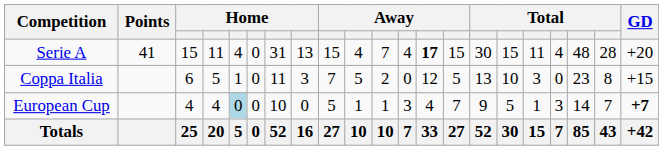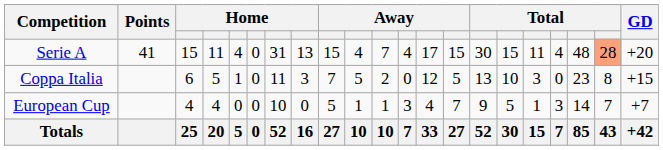 <table class="wikitable" style="width:100%;margin:auto;clear:both;text-align:center;">
 <tr>
 <th rowspan="2">Competition</th>
 <th rowspan="2">Points</th>
 <th colspan="6">Home</th>
 <th colspan="6">Away</th>
 <th colspan="6">Total</th>
 <th rowspan="2"><a href='#'>GD</a></th>
 </tr>
 <tr>
 <th></th>
 <th></th>
 <th></th>
 <th></th>
 <th></th>
 <th></th>
 <th></th>
 <th></th>
 <th></th>
 <th></th>
 <th></th>
 <th></th>
 <th></th>
 <th></th>
 <th></th>
 <th></th>
 <th></th>
 <th></th>
 </tr>
 <tr>
 <td><a href='#'>Serie A</a></td>
 <td>41</td>
 <td>15</td>
 <td>11</td>
 <td>4</td>
 <td>0</td>
 <td>31</td>
 <td>13</td>
 <td>15</td>
 <td>4</td>
 <td>7</td>
 <td>4</td>
-<td><strong>17</strong></td>
+<td>17</td>
 <td>15</td>
 <td>30</td>
 <td>15</td>
 <td>11</td>
 <td>4</td>
 <td>48</td>
-<td>28</td>
+<td style="background: lightsalmon;">28</td>
 <td>+20</td>
 </tr>
 <tr>
 <td><a href='#'>Coppa Italia</a></td>
 <td></td>
 <td>6</td>
 <td>5</td>
 <td>1</td>
 <td>0</td>
 <td>11</td>
 <td>3</td>
 <td>7</td>
 <td>5</td>
 <td>2</td>
 <td>0</td>
 <td>12</td>
 <td>5</td>
 <td>13</td>
 <td>10</td>
 <td>3</td>
 <td>0</td>
 <td>23</td>
 <td>8</td>
 <td>+15</td>
 </tr>
 <tr>
 <td><a href='#'>European Cup</a></td>
 <td></td>
 <td>4</td>
 <td>4</td>
-<td style="background: lightblue;">0</td>
+<td>0</td>
 <td>0</td>
 <td>10</td>
 <td>0</td>
 <td>5</td>
 <td>1</td>
 <td>1</td>
 <td>3</td>
 <td>4</td>
 <td>7</td>
 <td>9</td>
 <td>5</td>
 <td>1</td>
 <td>3</td>
 <td>14</td>
 <td>7</td>
-<td><strong>+7</strong></td>
+<td>+7</td>
 </tr>
 <tr>
 <th>Totals</th>
 <th></th>
 <th>25</th>
 <th>20</th>
 <th>5</th>
 <th>0</th>
 <th>52</th>
 <th>16</th>
 <th>27</th>
 <th>10</th>
 <th>10</th>
 <th>7</th>
 <th>33</th>
 <th>27</th>
 <th>52</th>
 <th>30</th>
 <th>15</th>
 <th>7</th>
 <th>85</th>
 <th>43</th>
 <th>+42</th>
 </tr>
 </table>
